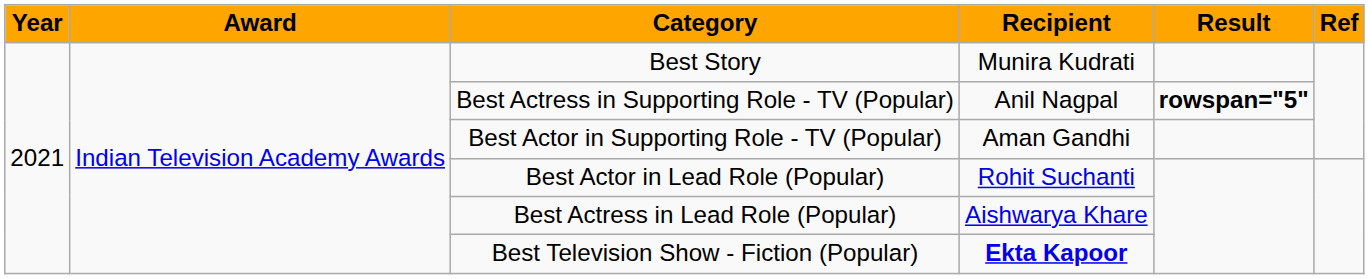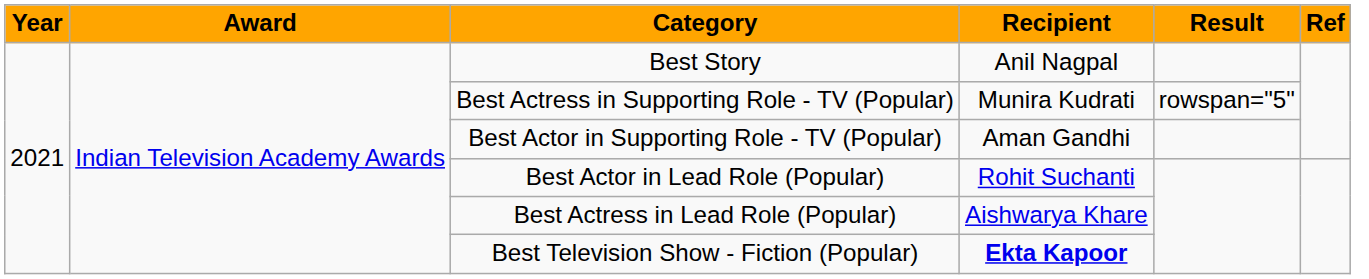 <table class="wikitable" style="text-align:center;">
 <tr>
 <th style="background:orange;">Year</th>
 <th style="background:orange;">Award</th>
 <th style="background:orange;">Category</th>
 <th style="background:orange;">Recipient</th>
 <th style="background:orange;">Result</th>
 <th style="background:orange;">Ref</th>
 </tr>
 <tr>
 <td rowspan="6">2021</td>
 <td rowspan="6"><a href='#'>Indian Television Academy Awards</a></td>
 <td>Best Story</td>
-<td>Munira Kudrati</td>
+<td>Anil Nagpal</td>
 <td></td>
 <td rowspan="3"></td>
 </tr>
 <tr>
 <td>Best Actress in Supporting Role - TV (Popular)</td>
-<td>Anil Nagpal</td>
-<td><strong>rowspan="5" </strong></td>
+<td>Munira Kudrati</td>
+<td>rowspan="5" </td>
 </tr>
 <tr>
 <td>Best Actor in Supporting Role - TV (Popular)</td>
 <td>Aman Gandhi</td>
 </tr>
 <tr>
 <td>Best Actor in Lead Role (Popular)</td>
 <td><a href='#'>Rohit Suchanti</a></td>
 <td rowspan="3"></td>
 </tr>
 <tr>
 <td>Best Actress in Lead Role (Popular)</td>
 <td><a href='#'>Aishwarya Khare</a></td>
 </tr>
 <tr>
 <td>Best Television Show - Fiction (Popular)</td>
 <td><strong><a href='#'>Ekta Kapoor</a></strong></td>
 </tr>
 </table>
